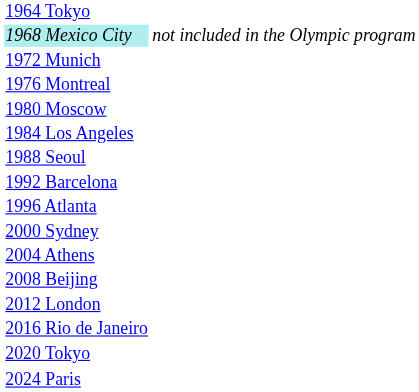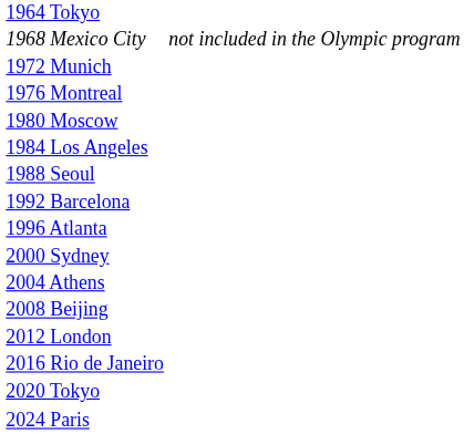 <table>
 <tr valign="top">
 <td rowspan=2><a href='#'>1964 Tokyo</a><br></td>
 <td rowspan=2></td>
 <td rowspan=2></td>
 <td></td>
 </tr>
 <tr>
 <td></td>
 </tr>
 <tr>
-<td style="background: paleturquoise;"><em>1968 Mexico City</em></td>
+<td><em>1968 Mexico City</em></td>
 <td colspan=3 align=center><em>not included in the Olympic program</em></td>
 </tr>
 <tr valign="top">
 <td rowspan=2><a href='#'>1972 Munich</a><br></td>
 <td rowspan=2></td>
 <td rowspan=2></td>
 <td></td>
 </tr>
 <tr>
 <td></td>
 </tr>
 <tr valign="top">
 <td rowspan=2><a href='#'>1976 Montreal</a><br></td>
 <td rowspan=2></td>
 <td rowspan=2></td>
 <td></td>
 </tr>
 <tr>
 <td></td>
 </tr>
 <tr valign="top">
 <td rowspan=2><a href='#'>1980 Moscow</a><br></td>
 <td rowspan=2></td>
 <td rowspan=2></td>
 <td></td>
 </tr>
 <tr>
 <td></td>
 </tr>
 <tr valign="top">
 <td rowspan=2><a href='#'>1984 Los Angeles</a><br></td>
 <td rowspan=2></td>
 <td rowspan=2></td>
 <td></td>
 </tr>
 <tr>
 <td></td>
 </tr>
 <tr valign="top">
 <td rowspan=2><a href='#'>1988 Seoul</a><br></td>
 <td rowspan=2></td>
 <td rowspan=2></td>
 <td></td>
 </tr>
 <tr>
 <td></td>
 </tr>
 <tr valign="top">
 <td rowspan=2><a href='#'>1992 Barcelona</a><br></td>
 <td rowspan=2></td>
 <td rowspan=2></td>
 <td></td>
 </tr>
 <tr>
 <td></td>
 </tr>
 <tr valign="top">
 <td rowspan=2><a href='#'>1996 Atlanta</a><br></td>
 <td rowspan=2></td>
 <td rowspan=2></td>
 <td></td>
 </tr>
 <tr>
 <td></td>
 </tr>
 <tr valign="top">
 <td rowspan=2><a href='#'>2000 Sydney</a><br></td>
 <td rowspan=2></td>
 <td rowspan=2></td>
 <td></td>
 </tr>
 <tr>
 <td></td>
 </tr>
 <tr valign="top">
 <td rowspan=2><a href='#'>2004 Athens</a><br></td>
 <td rowspan=2></td>
 <td rowspan=2></td>
 <td></td>
 </tr>
 <tr>
 <td></td>
 </tr>
 <tr valign="top">
 <td rowspan=2><a href='#'>2008 Beijing</a><br></td>
 <td rowspan=2></td>
 <td rowspan=2></td>
 <td></td>
 </tr>
 <tr>
 <td></td>
 </tr>
 <tr valign="top">
 <td rowspan=2><a href='#'>2012 London</a><br></td>
 <td rowspan=2></td>
 <td rowspan=2></td>
 <td></td>
 </tr>
 <tr>
 <td></td>
 </tr>
 <tr valign="top">
 <td rowspan=2><a href='#'>2016 Rio de Janeiro</a><br></td>
 <td rowspan=2></td>
 <td rowspan=2></td>
 <td></td>
 </tr>
 <tr>
 <td></td>
 </tr>
 <tr valign="top">
 <td rowspan=2><a href='#'>2020 Tokyo</a><br></td>
 <td rowspan=2></td>
 <td rowspan=2></td>
 <td></td>
 </tr>
 <tr>
 <td></td>
 </tr>
 <tr>
 </tr>
 <tr valign="top">
 <td rowspan=2><a href='#'>2024 Paris</a><br></td>
 <td rowspan=2></td>
 <td rowspan=2></td>
 <td></td>
 </tr>
 <tr>
 <td></td>
 </tr>
 <tr>
 </tr>
 </table>
